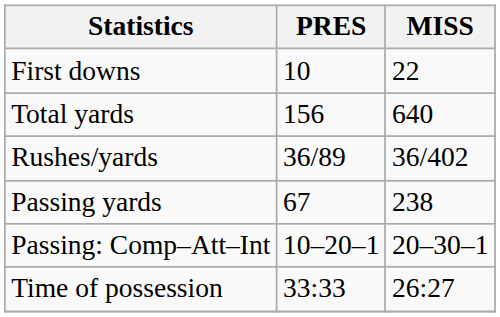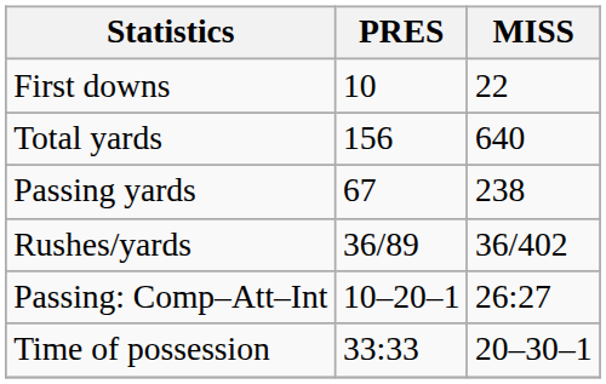 <table class="wikitable" style="float: left;">
 <tr>
 <th>Statistics</th>
 <th>PRES</th>
 <th>MISS</th>
 </tr>
 <tr>
 <td>First downs</td>
 <td>10</td>
 <td>22</td>
 </tr>
 <tr>
 <td>Total yards</td>
 <td>156</td>
 <td>640</td>
 </tr>
 <tr>
+<td>Passing yards</td>
+<td>67</td>
+<td>238</td>
+</tr>
+<tr>
 <td>Rushes/yards</td>
 <td>36/89</td>
 <td>36/402</td>
 </tr>
 <tr>
-<td>Passing yards</td>
-<td>67</td>
-<td>238</td>
-</tr>
-<tr>
 <td>Passing: Comp–Att–Int</td>
 <td>10–20–1</td>
-<td>20–30–1</td>
+<td>26:27</td>
 </tr>
 <tr>
 <td>Time of possession</td>
 <td>33:33</td>
-<td>26:27</td>
+<td>20–30–1</td>
 </tr>
 <tr>
 </tr>
 </table>
